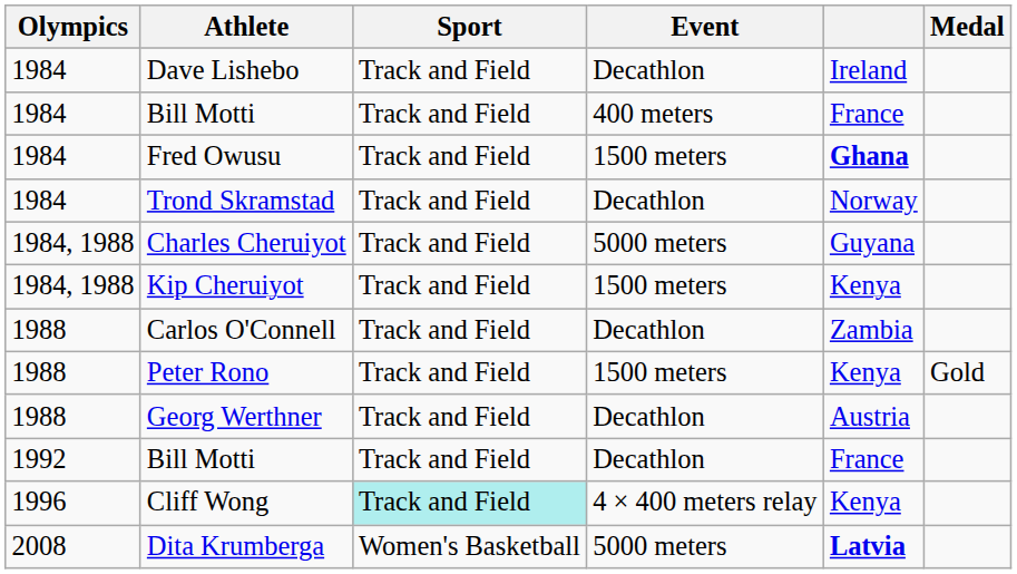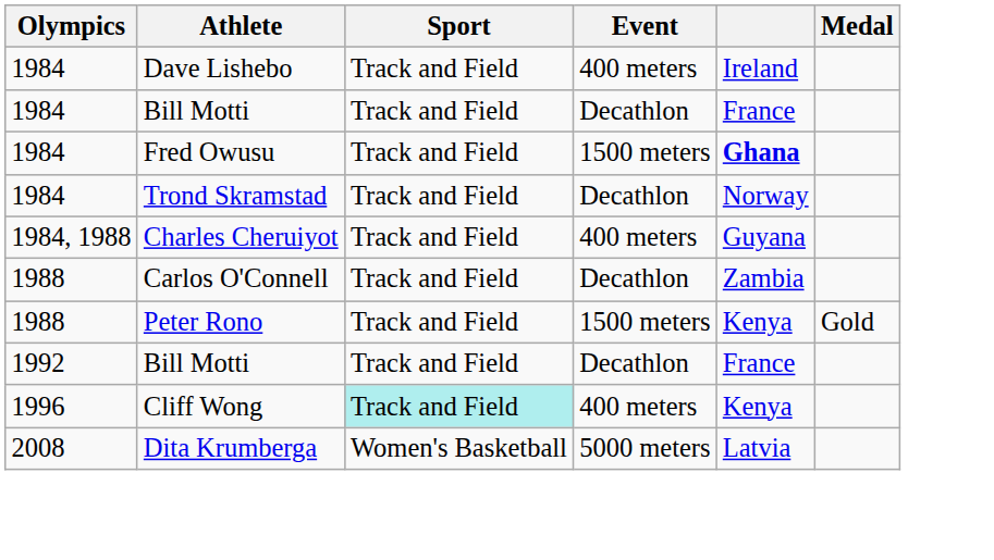 <table class = "wikitable sortable" style="">
 <tr>
 <th width=px>Olympics</th>
 <th width=px>Athlete</th>
 <th width=px>Sport</th>
 <th width=px>Event</th>
 <th width=px></th>
 <th width=px>Medal</th>
 </tr>
 <tr>
 <td>1984</td>
 <td>Dave Lishebo</td>
 <td>Track and Field</td>
-<td>Decathlon</td>
+<td>400 meters</td>
 <td><a href='#'>Ireland</a></td>
 <td></td>
 </tr>
 <tr>
 <td>1984</td>
 <td>Bill Motti</td>
 <td>Track and Field</td>
-<td>400 meters</td>
+<td>Decathlon</td>
 <td><a href='#'>France</a></td>
 <td></td>
 </tr>
 <tr>
 <td>1984</td>
 <td>Fred Owusu</td>
 <td>Track and Field</td>
 <td>1500 meters</td>
 <td><strong><a href='#'>Ghana</a></strong></td>
 <td></td>
 </tr>
 <tr>
 <td>1984</td>
 <td><a href='#'>Trond Skramstad</a></td>
 <td>Track and Field</td>
 <td>Decathlon</td>
 <td><a href='#'>Norway</a></td>
 <td></td>
 </tr>
 <tr>
 <td>1984, 1988</td>
 <td><a href='#'>Charles Cheruiyot</a></td>
 <td>Track and Field</td>
-<td>5000 meters</td>
+<td>400 meters</td>
 <td><a href='#'>Guyana</a></td>
-<td></td>
-</tr>
-<tr>
-<td>1984, 1988</td>
-<td><a href='#'>Kip Cheruiyot</a></td>
-<td>Track and Field</td>
-<td>1500 meters</td>
-<td><a href='#'>Kenya</a></td>
 <td></td>
 </tr>
 <tr>
 <td>1988</td>
 <td>Carlos O'Connell</td>
 <td>Track and Field</td>
 <td>Decathlon</td>
 <td><a href='#'>Zambia</a></td>
 <td></td>
 </tr>
 <tr>
 <td>1988</td>
 <td><a href='#'>Peter Rono</a></td>
 <td>Track and Field</td>
 <td>1500 meters</td>
 <td><a href='#'>Kenya</a></td>
 <td>Gold</td>
 </tr>
 <tr>
-<td>1988</td>
-<td><a href='#'>Georg Werthner</a></td>
-<td>Track and Field</td>
-<td>Decathlon</td>
-<td><a href='#'>Austria</a></td>
-<td></td>
-</tr>
-<tr>
 <td>1992</td>
 <td>Bill Motti</td>
 <td>Track and Field</td>
 <td>Decathlon</td>
 <td><a href='#'>France</a></td>
 <td></td>
 </tr>
 <tr>
 <td>1996</td>
 <td>Cliff Wong</td>
 <td style="background: paleturquoise;">Track and Field</td>
-<td>4 × 400 meters relay</td>
+<td>400 meters</td>
 <td><a href='#'>Kenya</a></td>
 <td></td>
 </tr>
 <tr>
 <td>2008</td>
 <td><a href='#'>Dita Krumberga</a></td>
 <td>Women's Basketball</td>
 <td>5000 meters</td>
-<td><strong><a href='#'>Latvia</a></strong></td>
+<td><a href='#'>Latvia</a></td>
 <td></td>
 </tr>
 </table>
